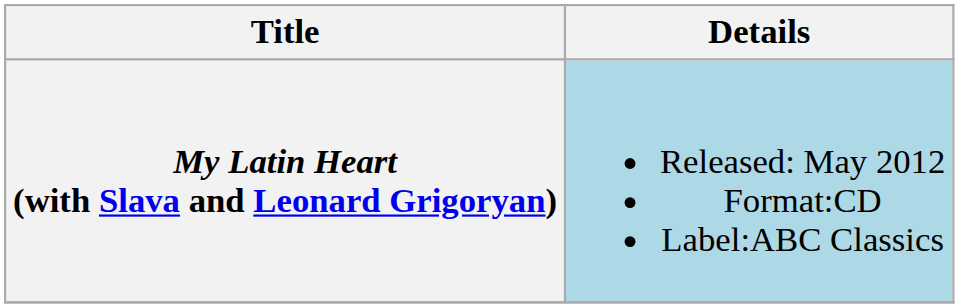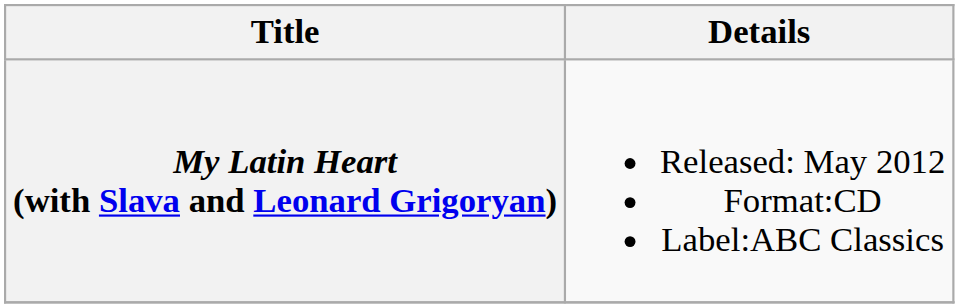 <table class="wikitable plainrowheaders" style="text-align:center;" border="1">
 <tr>
 <th>Title</th>
 <th>Details</th>
 </tr>
 <tr>
 <th scope="row"><em>My Latin Heart</em> <br> (with <a href='#'>Slava</a> and <a href='#'>Leonard Grigoryan</a>)</th>
-<td style="background: lightblue;"><br><ul><li>Released: May 2012</li><li>Format:CD</li><li>Label:ABC Classics</li></ul></td>
+<td><br><ul><li>Released: May 2012</li><li>Format:CD</li><li>Label:ABC Classics</li></ul></td>
 </tr>
 <tr>
 </tr>
 </table>
